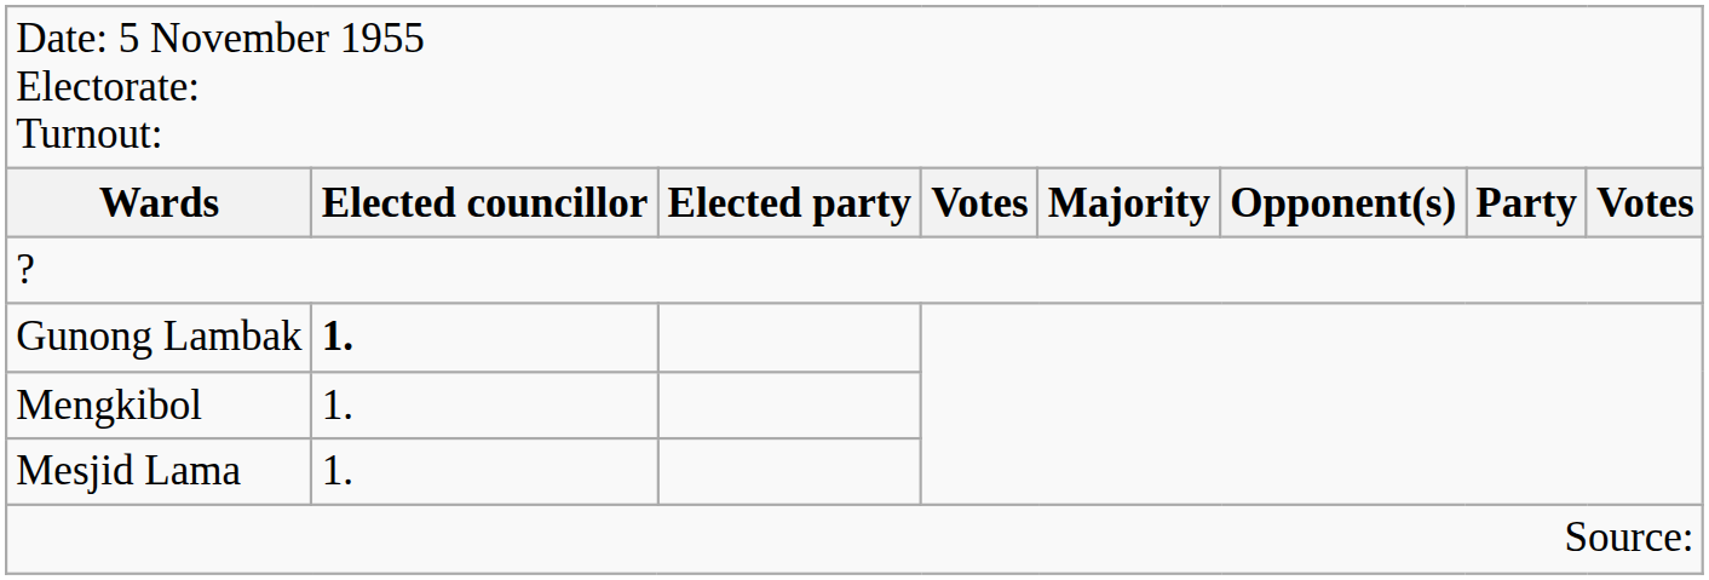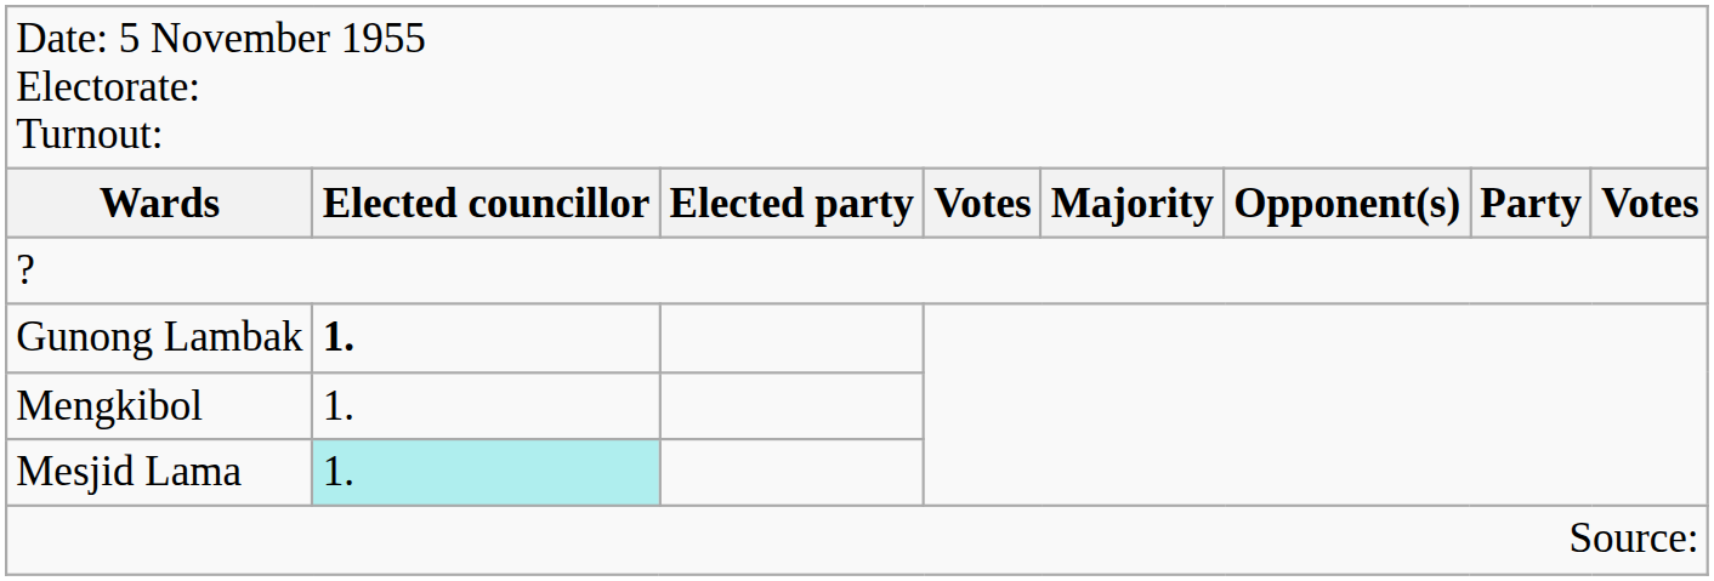 <table class=wikitable>
 <tr>
 <td colspan=8>Date: 5 November 1955<br>Electorate: <br>Turnout:</td>
 </tr>
 <tr>
 <th>Wards</th>
 <th>Elected councillor</th>
 <th>Elected party</th>
 <th>Votes</th>
 <th>Majority</th>
 <th>Opponent(s)</th>
 <th>Party</th>
 <th>Votes</th>
 </tr>
 <tr>
 <td colspan=8>? </td>
 </tr>
 <tr>
 <td>Gunong Lambak</td>
 <td><strong>1.</strong></td>
 <td></td>
 </tr>
 <tr>
 <td>Mengkibol</td>
 <td>1.</td>
 <td></td>
 </tr>
 <tr>
 <td>Mesjid Lama</td>
-<td>1.</td>
+<td style="background: paleturquoise;">1.</td>
 <td></td>
 </tr>
 <tr>
 <td colspan="8" style="text-align:right;">Source: </td>
 </tr>
 </table>
